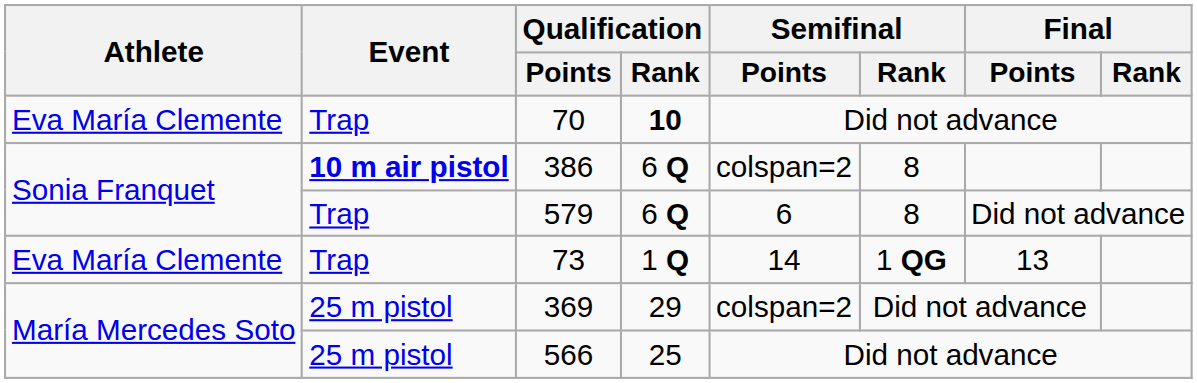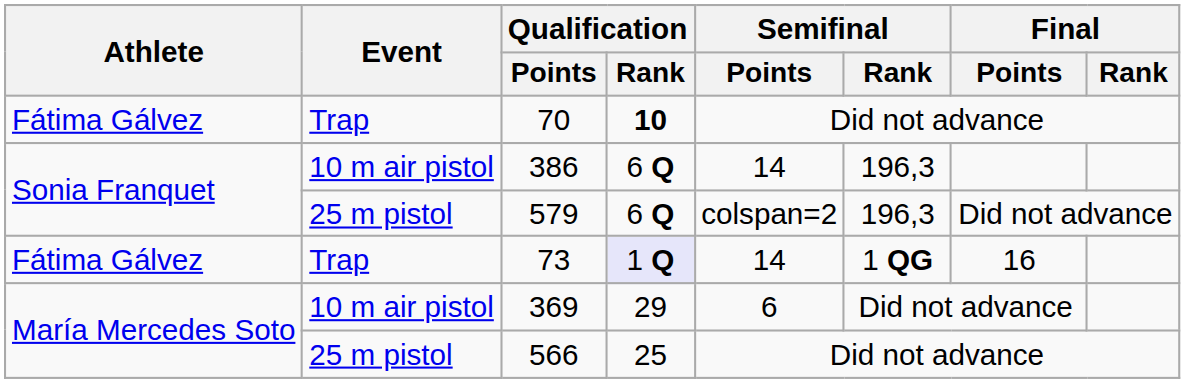 <table class="wikitable" style="font-size:90%">
 <tr>
 <th rowspan="2">Athlete</th>
 <th rowspan="2">Event</th>
 <th colspan=2>Qualification</th>
 <th colspan=2>Semifinal</th>
 <th colspan=2>Final</th>
 </tr>
 <tr style="font-size:95%">
 <th>Points</th>
 <th>Rank</th>
 <th>Points</th>
 <th>Rank</th>
 <th>Points</th>
 <th>Rank</th>
 </tr>
 <tr align=center>
-<td align=left><a href='#'>Eva María Clemente</a></td>
+<td align=left><a href='#'>Fátima Gálvez</a></td>
 <td align=left><a href='#'>Trap</a></td>
 <td>70</td>
 <td><strong>10</strong></td>
 <td colspan=4>Did not advance</td>
 </tr>
 <tr align=center>
 <td align=left rowspan=2><a href='#'>Sonia Franquet</a></td>
-<td align=left><strong><a href='#'>10 m air pistol</a></strong></td>
+<td align=left><a href='#'>10 m air pistol</a></td>
 <td>386</td>
 <td>6 <strong>Q</strong></td>
-<td>colspan=2 </td>
-<td>8</td>
+<td>14</td>
+<td>196,3</td>
 <td></td>
 </tr>
 <tr align=center>
-<td align=left><a href='#'>Trap</a></td>
+<td align=left><a href='#'>25 m pistol</a></td>
 <td>579</td>
 <td>6 <strong>Q</strong></td>
-<td>6</td>
-<td>8</td>
+<td>colspan=2 </td>
+<td>196,3</td>
 <td colspan=2>Did not advance</td>
 </tr>
 <tr align=center>
-<td align=left><a href='#'>Eva María Clemente</a></td>
+<td align=left><a href='#'>Fátima Gálvez</a></td>
 <td align=left><a href='#'>Trap</a></td>
 <td>73</td>
-<td>1 <strong>Q</strong></td>
+<td style="background: lavender;">1 <strong>Q</strong></td>
 <td>14</td>
 <td>1 <strong>QG</strong></td>
-<td>13</td>
+<td>16</td>
 <td></td>
 </tr>
 <tr align=center>
 <td align=left rowspan=2><a href='#'>María Mercedes Soto</a></td>
-<td align=left><a href='#'>25 m pistol</a></td>
+<td align=left><a href='#'>10 m air pistol</a></td>
 <td>369</td>
 <td>29</td>
-<td>colspan=2 </td>
+<td>6</td>
 <td colspan=2>Did not advance</td>
 </tr>
 <tr align=center>
 <td align=left><a href='#'>25 m pistol</a></td>
 <td>566</td>
 <td>25</td>
 <td colspan=4>Did not advance</td>
 </tr>
 </table>
